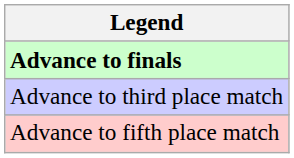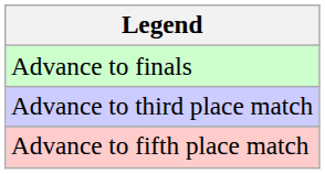 <table class="wikitable">
 <tr>
 <th>Legend</th>
 </tr>
 <tr bgcolor=ccffcc>
-<td><strong>Advance to finals</strong></td>
+<td>Advance to finals</td>
 </tr>
 <tr bgcolor=ccccff>
 <td>Advance to third place match</td>
 </tr>
 <tr bgcolor=ffcccc>
 <td>Advance to fifth place match</td>
 </tr>
 </table>
